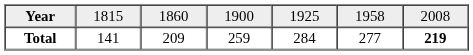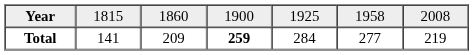 <table border="1" cellpadding="2" cellspacing="0" width="500">
 <tr bgcolor="#eeeeee" align="center">
 <td><strong>Year</strong></td>
 <td>1815</td>
 <td>1860</td>
 <td>1900</td>
 <td>1925</td>
 <td>1958</td>
 <td>2008</td>
 </tr>
 <tr align="center">
 <td><strong>Total</strong></td>
 <td>141</td>
 <td>209</td>
-<td>259</td>
+<td><strong>259</strong></td>
 <td>284</td>
 <td>277</td>
-<td><strong>219</strong></td>
+<td>219</td>
 </tr>
 </table>
